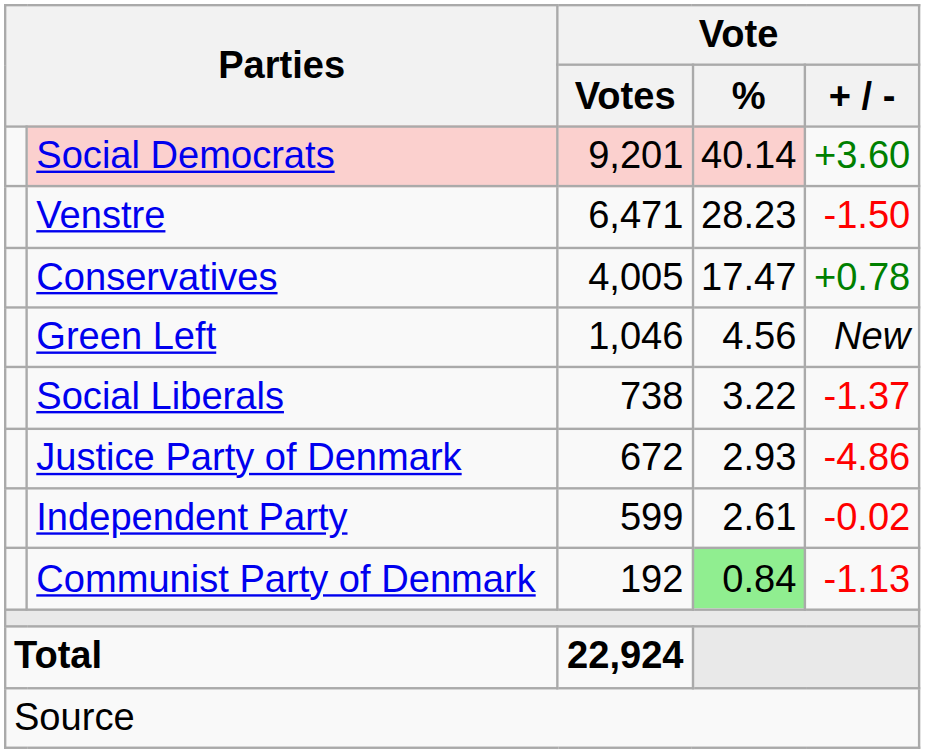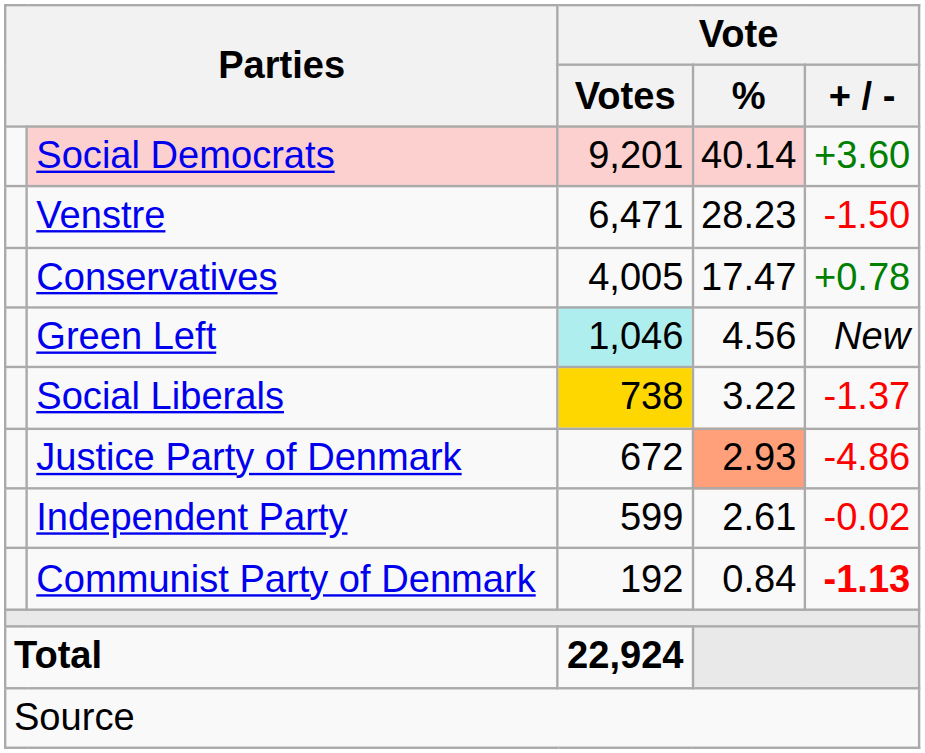 <table class="wikitable" style="text-align:right;">
 <tr>
 <th style="text-align:centre;" rowspan="2" colspan="2" width="225">Parties</th>
 <th colspan="3">Vote</th>
 </tr>
 <tr>
 <th width="15">Votes</th>
 <th width="15">%</th>
 <th width="15">+ / -</th>
 </tr>
 <tr>
 <td width="2" style="color:inherit;background:"></td>
 <td bgcolor=#fbd0ce  align="left"><a href='#'>Social Democrats</a></td>
 <td bgcolor=#fbd0ce>9,201</td>
 <td bgcolor=#fbd0ce>40.14</td>
 <td style=color:green;>+3.60</td>
 </tr>
 <tr>
 <td width="2" style="color:inherit;background:"></td>
 <td align="left"><a href='#'>Venstre</a></td>
 <td>6,471</td>
 <td>28.23</td>
 <td style=color:red;>-1.50</td>
 </tr>
 <tr>
 <td width="2" style="color:inherit;background:"></td>
 <td align="left"><a href='#'>Conservatives</a></td>
 <td>4,005</td>
 <td>17.47</td>
 <td style=color:green;>+0.78</td>
 </tr>
 <tr>
 <td width="2" style="color:inherit;background:"></td>
 <td align="left"><a href='#'>Green Left</a></td>
-<td>1,046</td>
+<td style="background: paleturquoise;">1,046</td>
 <td>4.56</td>
 <td><em>New</em></td>
 </tr>
 <tr>
 <td width="2" style="color:inherit;background:"></td>
 <td align="left"><a href='#'>Social Liberals</a></td>
-<td>738</td>
+<td style="background: gold;">738</td>
 <td>3.22</td>
 <td style=color:red;>-1.37</td>
 </tr>
 <tr>
 <td width="2" style="color:inherit;background:"></td>
 <td align="left"><a href='#'>Justice Party of Denmark</a></td>
 <td>672</td>
-<td>2.93</td>
+<td style="background: lightsalmon;">2.93</td>
 <td style=color:red;>-4.86</td>
 </tr>
 <tr>
 <td width="2" style="color:inherit;background:"></td>
 <td align="left"><a href='#'>Independent Party</a></td>
 <td>599</td>
 <td>2.61</td>
 <td style=color:red;>-0.02</td>
 </tr>
 <tr>
 <td width="2" style="color:inherit;background:"></td>
 <td align="left"><a href='#'>Communist Party of Denmark</a></td>
 <td>192</td>
-<td style="background: lightgreen;">0.84</td>
-<td style=color:red;>-1.13</td>
+<td>0.84</td>
+<td style=color:red;><strong>-1.13</strong></td>
 </tr>
 <tr>
 <td colspan="7" bgcolor="#E9E9E9"></td>
 </tr>
 <tr>
 <td align="left" colspan="2"><strong>Total</strong></td>
 <td><strong>22,924</strong></td>
 <td bgcolor="#E9E9E9" colspan="2"></td>
 </tr>
 <tr>
 <td align="left" colspan="6">Source</td>
 </tr>
 </table>
